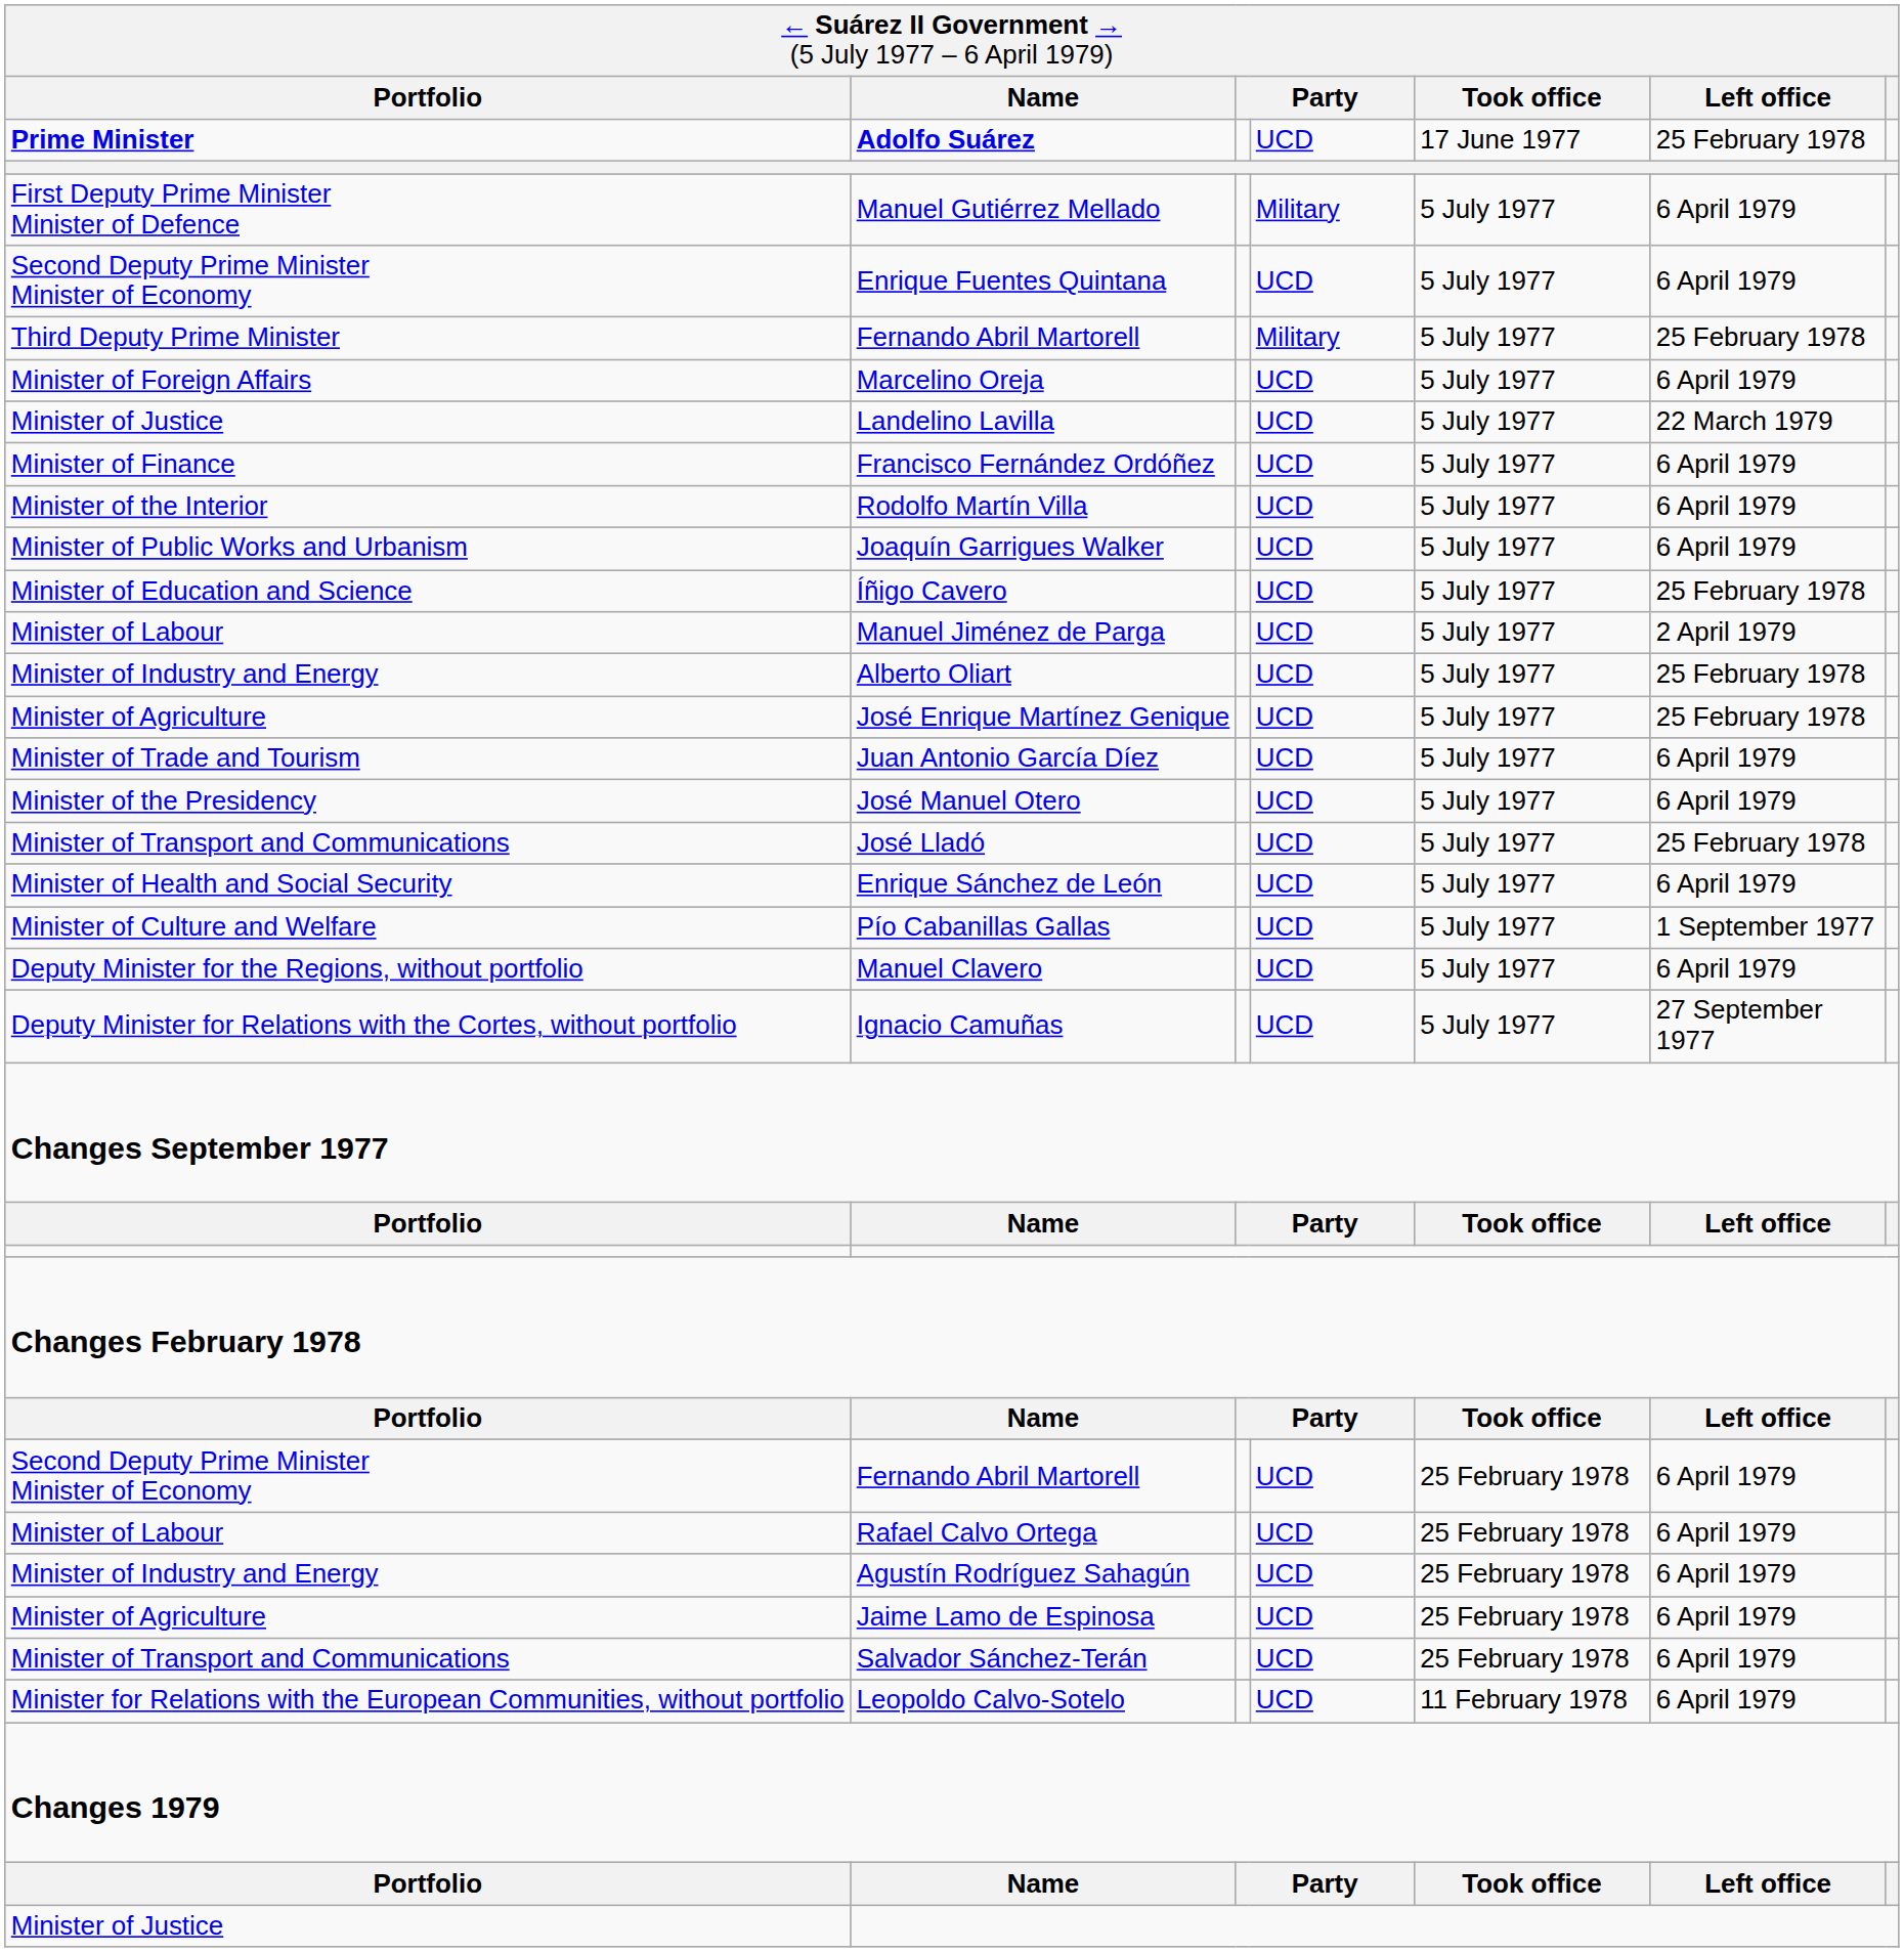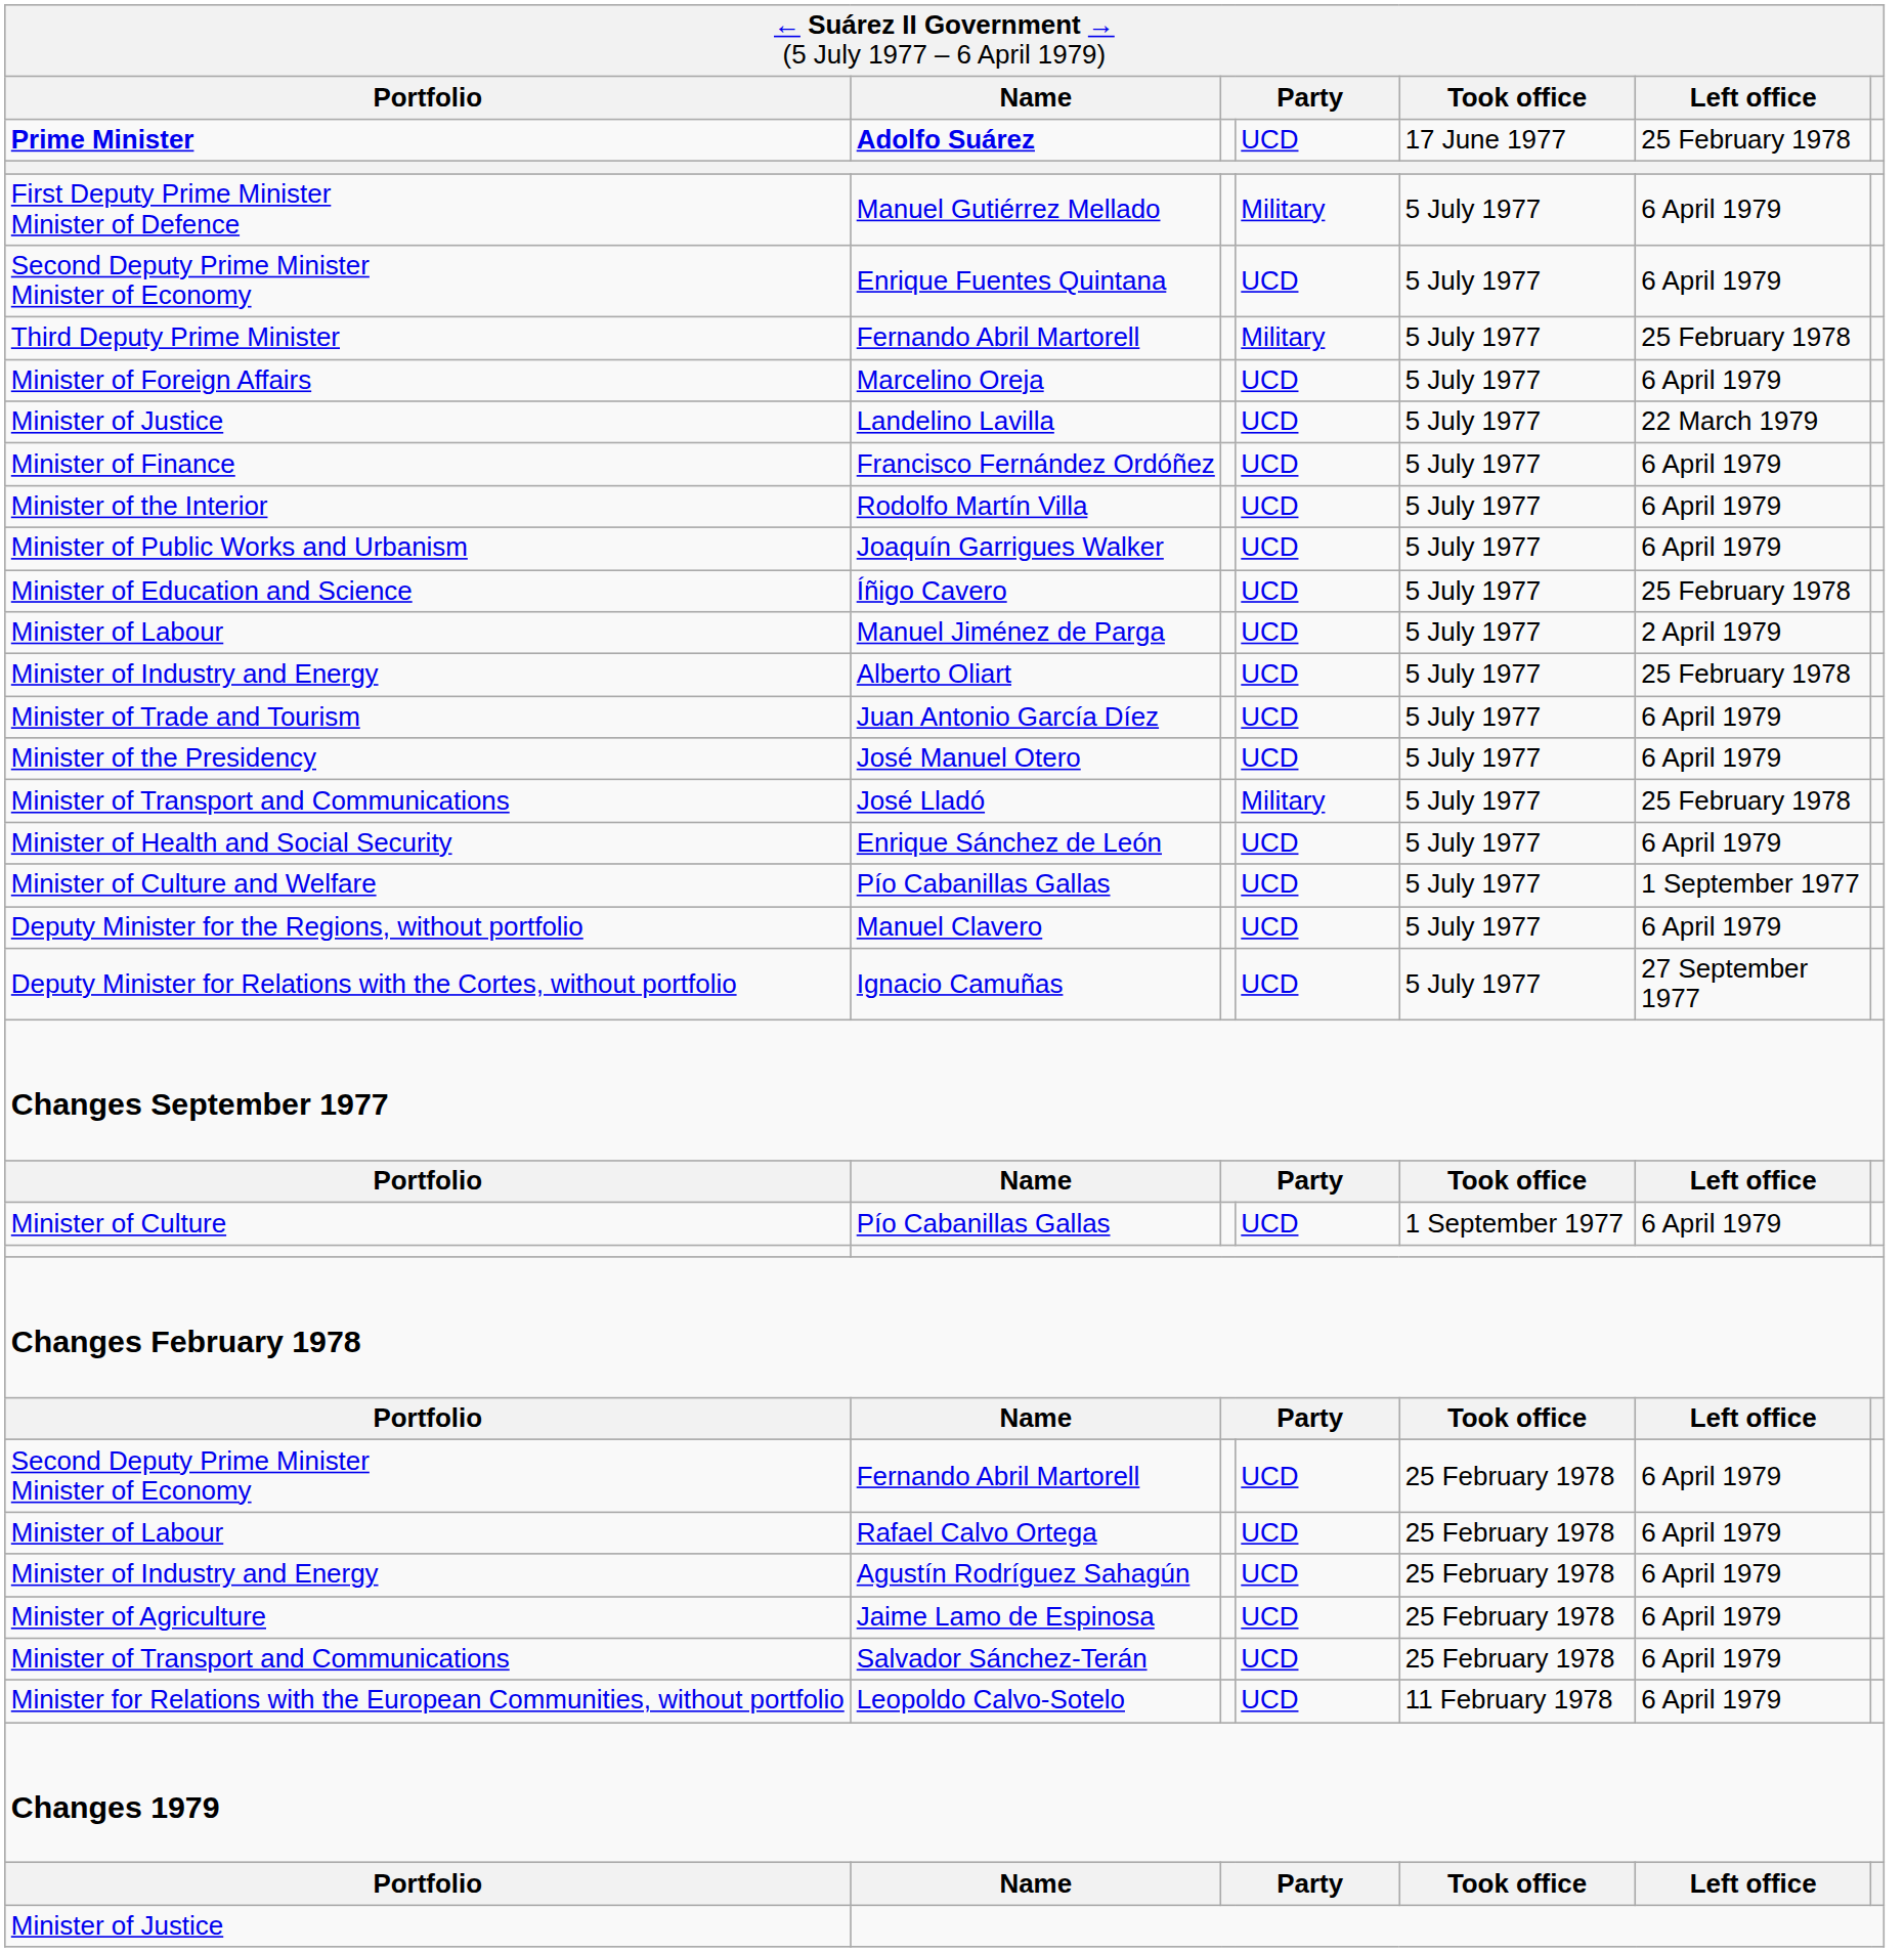 <table class="wikitable">
 <tr>
 <td colspan="7" bgcolor="#F2F2F2" align="center"><a href='#'>←</a> <strong>Suárez II Government</strong> <a href='#'>→</a><br>(5 July 1977 – 6 April 1979)</td>
 </tr>
 <tr>
 <th>Portfolio</th>
 <th>Name</th>
 <th width="100px" colspan="2">Party</th>
 <th width="135px">Took office</th>
 <th width="135px">Left office</th>
 <th></th>
 </tr>
 <tr>
 <td><strong><a href='#'>Prime Minister</a></strong></td>
 <td><strong><a href='#'>Adolfo Suárez</a></strong></td>
 <td width="1" style="background-color:"></td>
 <td><a href='#'>UCD</a> </td>
 <td>17 June 1977</td>
 <td>25 February 1978</td>
 <td align="center"></td>
 </tr>
 <tr>
 <th colspan="7"></th>
 </tr>
 <tr>
 <td><a href='#'>First Deputy Prime Minister</a><br><a href='#'>Minister of Defence</a></td>
 <td><a href='#'>Manuel Gutiérrez Mellado</a></td>
 <td style="background-color:"></td>
 <td><a href='#'>Military</a></td>
 <td>5 July 1977</td>
 <td>6 April 1979</td>
 <td align="center"><br></td>
 </tr>
 <tr>
 <td><a href='#'>Second Deputy Prime Minister</a><br><a href='#'>Minister of Economy</a></td>
 <td><a href='#'>Enrique Fuentes Quintana</a></td>
 <td style="background-color:"></td>
 <td><a href='#'>UCD</a> </td>
 <td>5 July 1977</td>
 <td>6 April 1979</td>
 <td align="center"><br></td>
 </tr>
 <tr>
 <td><a href='#'>Third Deputy Prime Minister</a></td>
 <td><a href='#'>Fernando Abril Martorell</a></td>
 <td style="background-color:"></td>
 <td><a href='#'>Military</a></td>
 <td>5 July 1977</td>
 <td>25 February 1978</td>
 <td align="center"></td>
 </tr>
 <tr>
 <td><a href='#'>Minister of Foreign Affairs</a></td>
 <td><a href='#'>Marcelino Oreja</a></td>
 <td style="background-color:"></td>
 <td><a href='#'>UCD</a> </td>
 <td>5 July 1977</td>
 <td>6 April 1979</td>
 <td align="center"></td>
 </tr>
 <tr>
 <td><a href='#'>Minister of Justice</a></td>
 <td><a href='#'>Landelino Lavilla</a></td>
 <td style="background-color:"></td>
 <td><a href='#'>UCD</a> </td>
 <td>5 July 1977</td>
 <td>22 March 1979</td>
 <td align="center"></td>
 </tr>
 <tr>
 <td><a href='#'>Minister of Finance</a></td>
 <td><a href='#'>Francisco Fernández Ordóñez</a></td>
 <td style="background-color:"></td>
 <td><a href='#'>UCD</a> </td>
 <td>5 July 1977</td>
 <td>6 April 1979</td>
 <td align="center"></td>
 </tr>
 <tr>
 <td><a href='#'>Minister of the Interior</a></td>
 <td><a href='#'>Rodolfo Martín Villa</a></td>
 <td style="background-color:"></td>
 <td><a href='#'>UCD</a> </td>
 <td>5 July 1977</td>
 <td>6 April 1979</td>
 <td align="center"></td>
 </tr>
 <tr>
 <td><a href='#'>Minister of Public Works and Urbanism</a></td>
 <td><a href='#'>Joaquín Garrigues Walker</a></td>
 <td style="background-color:"></td>
 <td><a href='#'>UCD</a> </td>
 <td>5 July 1977</td>
 <td>6 April 1979</td>
 <td align="center"></td>
 </tr>
 <tr>
 <td><a href='#'>Minister of Education and Science</a></td>
 <td><a href='#'>Íñigo Cavero</a></td>
 <td style="background-color:"></td>
 <td><a href='#'>UCD</a> </td>
 <td>5 July 1977</td>
 <td>25 February 1978</td>
 <td align="center"></td>
 </tr>
 <tr>
 <td><a href='#'>Minister of Labour</a></td>
 <td><a href='#'>Manuel Jiménez de Parga</a></td>
 <td style="background-color:"></td>
 <td><a href='#'>UCD</a> </td>
 <td>5 July 1977</td>
 <td>2 April 1979</td>
 <td align="center"></td>
 </tr>
 <tr>
 <td><a href='#'>Minister of Industry and Energy</a></td>
 <td><a href='#'>Alberto Oliart</a></td>
 <td style="background-color:"></td>
 <td><a href='#'>UCD</a> </td>
 <td>5 July 1977</td>
 <td>25 February 1978</td>
 <td align="center"></td>
 </tr>
 <tr>
-<td><a href='#'>Minister of Agriculture</a></td>
-<td><a href='#'>José Enrique Martínez Genique</a></td>
-<td style="background-color:"></td>
-<td><a href='#'>UCD</a> </td>
-<td>5 July 1977</td>
-<td>25 February 1978</td>
-<td align="center"></td>
-</tr>
-<tr>
 <td><a href='#'>Minister of Trade and Tourism</a></td>
 <td><a href='#'>Juan Antonio García Díez</a></td>
 <td style="background-color:"></td>
 <td><a href='#'>UCD</a> </td>
 <td>5 July 1977</td>
 <td>6 April 1979</td>
 <td align="center"></td>
 </tr>
 <tr>
 <td><a href='#'>Minister of the Presidency</a></td>
 <td><a href='#'>José Manuel Otero</a></td>
 <td style="background-color:"></td>
 <td><a href='#'>UCD</a> </td>
 <td>5 July 1977</td>
 <td>6 April 1979</td>
 <td align="center"></td>
 </tr>
 <tr>
 <td><a href='#'>Minister of Transport and Communications</a></td>
 <td><a href='#'>José Lladó</a></td>
 <td style="background-color:"></td>
-<td><a href='#'>UCD</a> </td>
+<td><a href='#'>Military</a></td>
 <td>5 July 1977</td>
 <td>25 February 1978</td>
 <td align="center"></td>
 </tr>
 <tr>
 <td><a href='#'>Minister of Health and Social Security</a></td>
 <td><a href='#'>Enrique Sánchez de León</a></td>
 <td style="background-color:"></td>
 <td><a href='#'>UCD</a> </td>
 <td>5 July 1977</td>
 <td>6 April 1979</td>
 <td align="center"></td>
 </tr>
 <tr>
 <td><a href='#'>Minister of Culture and Welfare</a></td>
 <td><a href='#'>Pío Cabanillas Gallas</a></td>
 <td style="background-color:"></td>
 <td><a href='#'>UCD</a> </td>
 <td>5 July 1977</td>
 <td>1 September 1977</td>
 <td align="center"></td>
 </tr>
 <tr>
 <td><a href='#'>Deputy Minister for the Regions, without portfolio</a></td>
 <td><a href='#'>Manuel Clavero</a></td>
 <td style="background-color:"></td>
 <td><a href='#'>UCD</a> </td>
 <td>5 July 1977</td>
 <td>6 April 1979</td>
 <td align="center"></td>
 </tr>
 <tr>
 <td><a href='#'>Deputy Minister for Relations with the Cortes, without portfolio</a></td>
 <td><a href='#'>Ignacio Camuñas</a></td>
 <td style="background-color:"></td>
 <td><a href='#'>UCD</a> </td>
 <td>5 July 1977</td>
 <td>27 September 1977</td>
 <td align="center"></td>
 </tr>
 <tr>
 <td colspan="7"><br><h3>Changes September 1977</h3></td>
 </tr>
 <tr>
 <th>Portfolio</th>
 <th>Name</th>
 <th colspan="2">Party</th>
 <th>Took office</th>
 <th>Left office</th>
 <th></th>
+</tr>
+<tr>
+<td><a href='#'>Minister of Culture</a></td>
+<td><a href='#'>Pío Cabanillas Gallas</a></td>
+<td style="background-color:"></td>
+<td><a href='#'>UCD</a> </td>
+<td>1 September 1977</td>
+<td>6 April 1979</td>
+<td align="center"></td>
 </tr>
 <tr>
 <td></td>
 <td colspan="6"></td>
 </tr>
 <tr>
 <td colspan="7"><br><h3>Changes February 1978</h3></td>
 </tr>
 <tr>
 <th>Portfolio</th>
 <th>Name</th>
 <th colspan="2">Party</th>
 <th>Took office</th>
 <th>Left office</th>
 <th></th>
 </tr>
 <tr>
 <td><a href='#'>Second Deputy Prime Minister</a><br><a href='#'>Minister of Economy</a></td>
 <td><a href='#'>Fernando Abril Martorell</a></td>
 <td style="background-color:"></td>
 <td><a href='#'>UCD</a></td>
 <td>25 February 1978</td>
 <td>6 April 1979</td>
 <td align="center"><br></td>
 </tr>
 <tr>
 <td><a href='#'>Minister of Labour</a></td>
 <td><a href='#'>Rafael Calvo Ortega</a></td>
 <td style="background-color:"></td>
 <td><a href='#'>UCD</a></td>
 <td>25 February 1978</td>
 <td>6 April 1979</td>
 <td align="center"></td>
 </tr>
 <tr>
 <td><a href='#'>Minister of Industry and Energy</a></td>
 <td><a href='#'>Agustín Rodríguez Sahagún</a></td>
 <td style="background-color:"></td>
 <td><a href='#'>UCD</a></td>
 <td>25 February 1978</td>
 <td>6 April 1979</td>
 <td align="center"></td>
 </tr>
 <tr>
 <td><a href='#'>Minister of Agriculture</a></td>
 <td><a href='#'>Jaime Lamo de Espinosa</a></td>
 <td style="background-color:"></td>
 <td><a href='#'>UCD</a></td>
 <td>25 February 1978</td>
 <td>6 April 1979</td>
 <td align="center"></td>
 </tr>
 <tr>
 <td><a href='#'>Minister of Transport and Communications</a></td>
 <td><a href='#'>Salvador Sánchez-Terán</a></td>
 <td style="background-color:"></td>
 <td><a href='#'>UCD</a></td>
 <td>25 February 1978</td>
 <td>6 April 1979</td>
 <td align="center"></td>
 </tr>
 <tr>
 <td><a href='#'>Minister for Relations with the European Communities, without portfolio</a></td>
 <td><a href='#'>Leopoldo Calvo-Sotelo</a></td>
 <td style="background-color:"></td>
 <td><a href='#'>UCD</a></td>
 <td>11 February 1978</td>
 <td>6 April 1979</td>
 <td align="center"></td>
 </tr>
 <tr>
 <td colspan="7"><br><h3>Changes 1979</h3></td>
 </tr>
 <tr>
 <th>Portfolio</th>
 <th>Name</th>
 <th colspan="2">Party</th>
 <th>Took office</th>
 <th>Left office</th>
 <th></th>
 </tr>
 <tr>
 <td><a href='#'>Minister of Justice</a></td>
 <td colspan="6"></td>
 </tr>
 </table>
